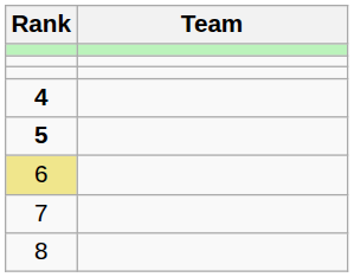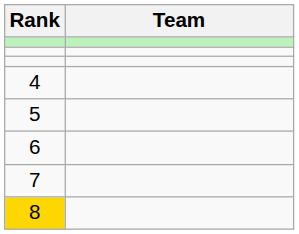 <table class="wikitable">
 <tr>
 <th>Rank</th>
 <th style="width:170px;">Team</th>
 </tr>
 <tr style="background:#bbf3bb;">
 <td align=center></td>
 <td></td>
 </tr>
 <tr>
 <td align=center></td>
 <td></td>
 </tr>
 <tr>
 <td align=center></td>
 <td></td>
 </tr>
 <tr>
-<td align=center><strong>4</strong></td>
+<td align=center>4</td>
 <td></td>
 </tr>
 <tr>
-<td align=center><strong>5</strong></td>
+<td align=center>5</td>
 <td></td>
 </tr>
 <tr>
-<td align=center style="background: khaki;">6</td>
+<td align=center>6</td>
 <td></td>
 </tr>
 <tr>
 <td align=center>7</td>
 <td></td>
 </tr>
 <tr>
-<td align=center>8</td>
+<td align=center style="background: gold;">8</td>
 <td></td>
 </tr>
 </table>
